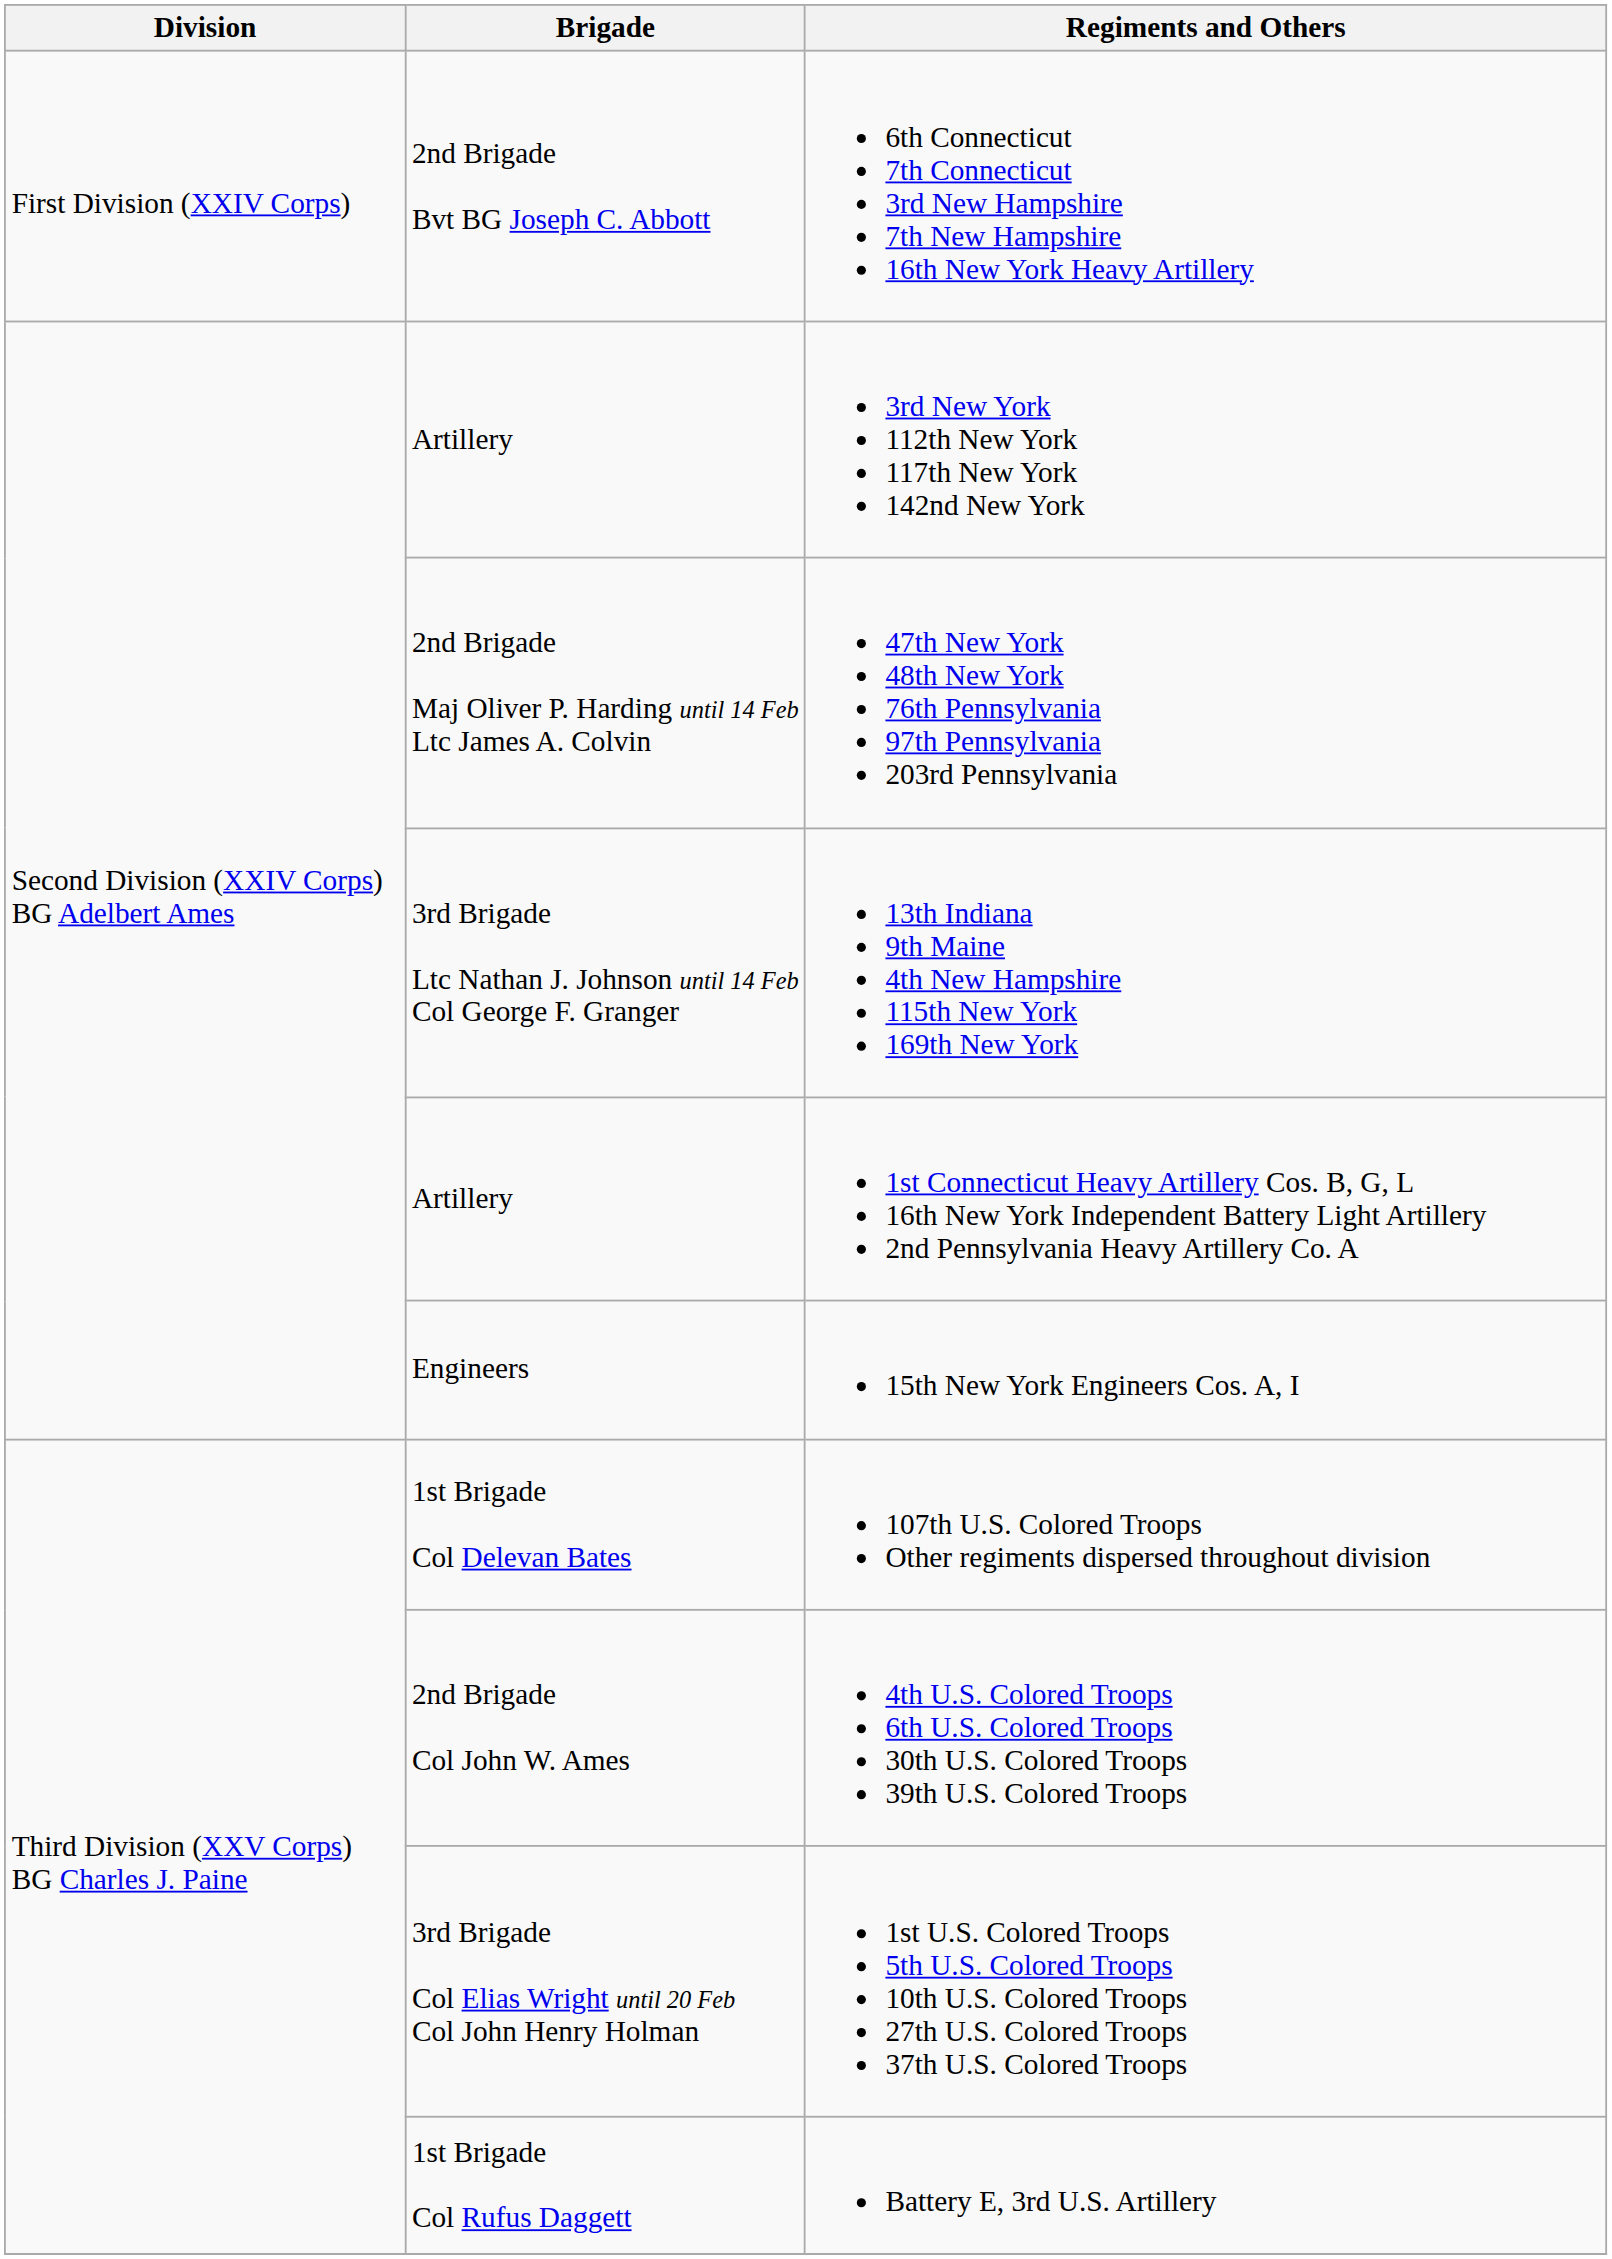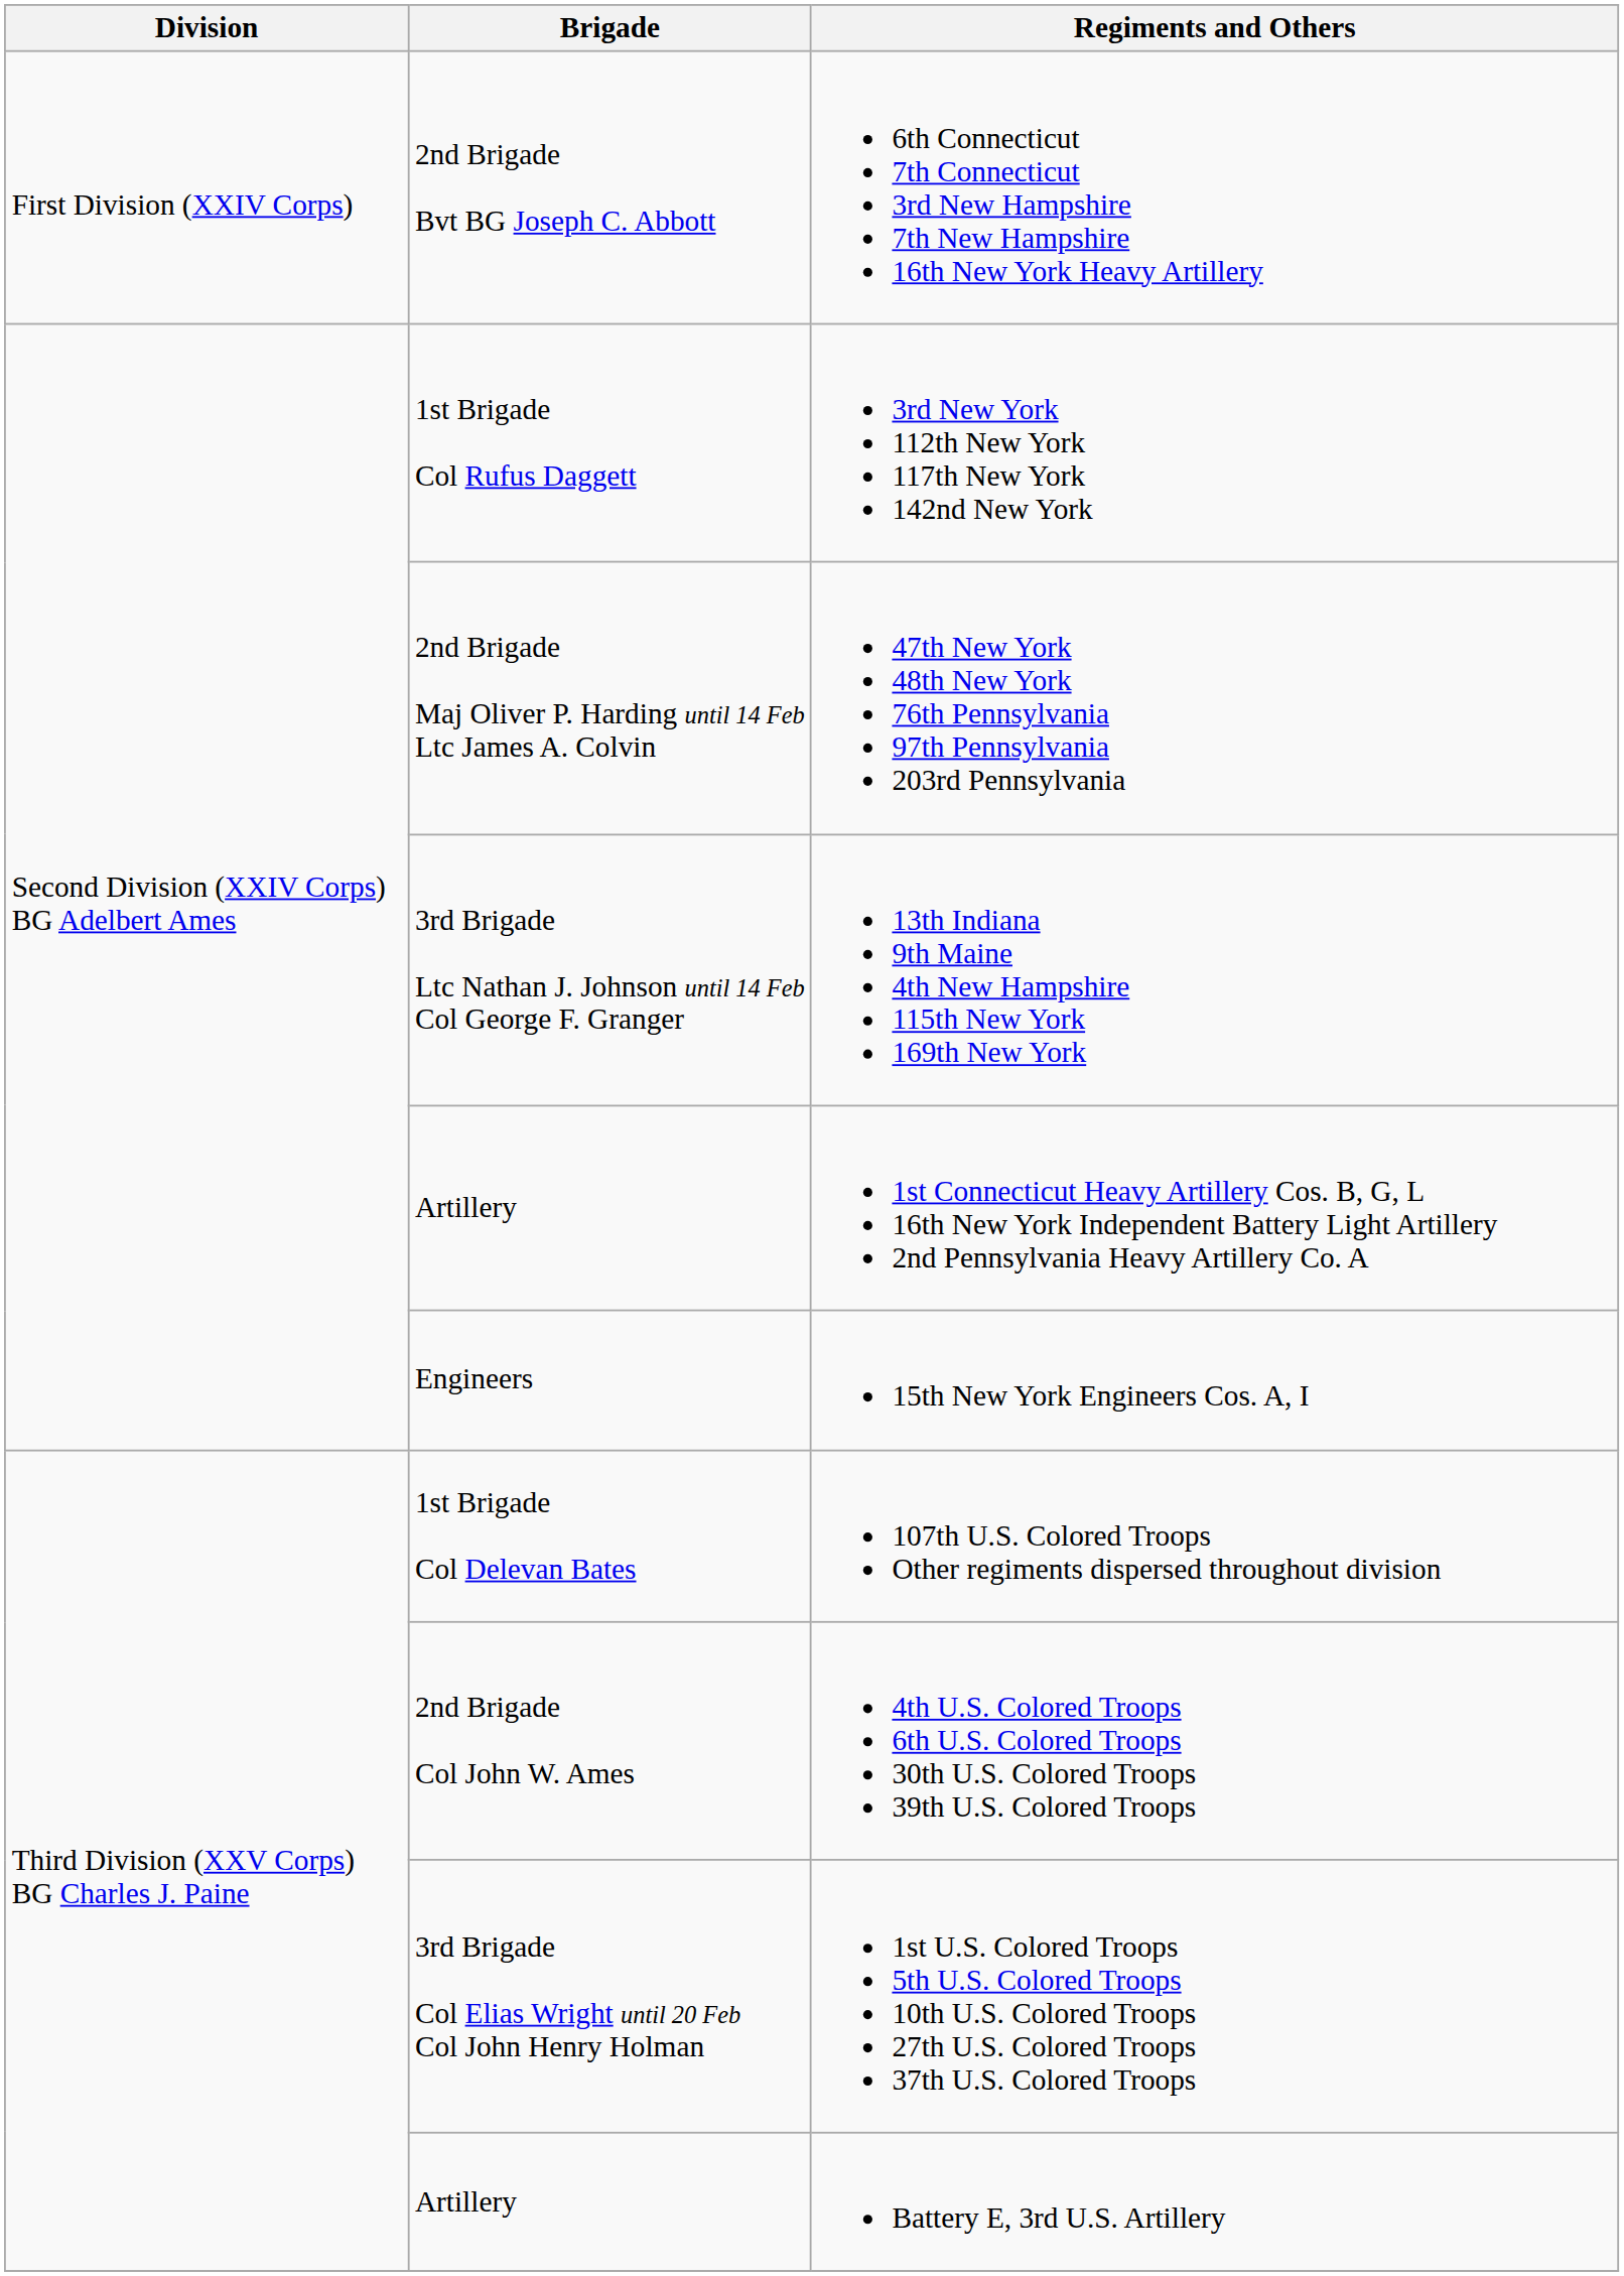 <table class="wikitable">
 <tr>
 <th width=25%>Division</th>
 <th width=25%>Brigade</th>
 <th>Regiments and Others</th>
 </tr>
 <tr>
 <td rowspan=1><br>First Division (<a href='#'>XXIV Corps</a>)</td>
 <td>2nd Brigade<br><br> Bvt BG <a href='#'>Joseph C. Abbott</a></td>
 <td><br><ul><li>6th Connecticut</li><li><a href='#'>7th Connecticut</a></li><li><a href='#'>3rd New Hampshire</a></li><li><a href='#'>7th New Hampshire</a></li><li><a href='#'>16th New York Heavy Artillery</a></li></ul></td>
 </tr>
 <tr>
 <td rowspan= 5><br>Second Division (<a href='#'>XXIV Corps</a>) <br> BG <a href='#'>Adelbert Ames</a></td>
-<td>Artillery</td>
+<td>1st Brigade<br><br> Col <a href='#'>Rufus Daggett</a></td>
 <td><br><ul><li><a href='#'>3rd New York</a></li><li>112th New York</li><li>117th New York</li><li>142nd New York</li></ul></td>
 </tr>
 <tr>
 <td>2nd Brigade<br><br> Maj Oliver P. Harding <small><em>until 14 Feb</em></small><br> Ltc James A. Colvin</td>
 <td><br><ul><li><a href='#'>47th New York</a></li><li><a href='#'>48th New York</a></li><li><a href='#'>76th Pennsylvania</a></li><li><a href='#'>97th Pennsylvania</a></li><li>203rd Pennsylvania</li></ul></td>
 </tr>
 <tr>
 <td>3rd Brigade<br><br> Ltc Nathan J. Johnson <small><em>until 14 Feb</em></small><br> Col George F. Granger</td>
 <td><br><ul><li><a href='#'>13th Indiana</a></li><li><a href='#'>9th Maine</a></li><li><a href='#'>4th New Hampshire</a></li><li><a href='#'>115th New York</a></li><li><a href='#'>169th New York</a></li></ul></td>
 </tr>
 <tr>
 <td>Artillery</td>
 <td><br><ul><li><a href='#'>1st Connecticut Heavy Artillery</a> Cos. B, G, L</li><li>16th New York Independent Battery Light Artillery</li><li>2nd Pennsylvania Heavy Artillery Co. A</li></ul></td>
 </tr>
 <tr>
 <td>Engineers</td>
 <td><br><ul><li>15th New York Engineers Cos. A, I</li></ul></td>
 </tr>
 <tr>
 <td rowspan= 4><br>Third Division (<a href='#'>XXV Corps</a>) <br> BG <a href='#'>Charles J. Paine</a></td>
 <td>1st Brigade<br><br> Col <a href='#'>Delevan Bates</a></td>
 <td><br><ul><li>107th U.S. Colored Troops</li><li>Other regiments dispersed throughout division</li></ul></td>
 </tr>
 <tr>
 <td>2nd Brigade<br><br> Col John W. Ames</td>
 <td><br><ul><li><a href='#'>4th U.S. Colored Troops</a></li><li><a href='#'>6th U.S. Colored Troops</a></li><li>30th U.S. Colored Troops</li><li>39th U.S. Colored Troops</li></ul></td>
 </tr>
 <tr>
 <td>3rd Brigade<br><br> Col <a href='#'>Elias Wright</a> <small><em>until 20 Feb</em></small><br> Col John Henry Holman</td>
 <td><br><ul><li>1st U.S. Colored Troops</li><li><a href='#'>5th U.S. Colored Troops</a></li><li>10th U.S. Colored Troops</li><li>27th U.S. Colored Troops</li><li>37th U.S. Colored Troops</li></ul></td>
 </tr>
 <tr>
-<td>1st Brigade<br><br> Col <a href='#'>Rufus Daggett</a></td>
+<td>Artillery</td>
 <td><br><ul><li>Battery E, 3rd U.S. Artillery</li></ul></td>
 </tr>
 <tr>
 </tr>
 </table>
